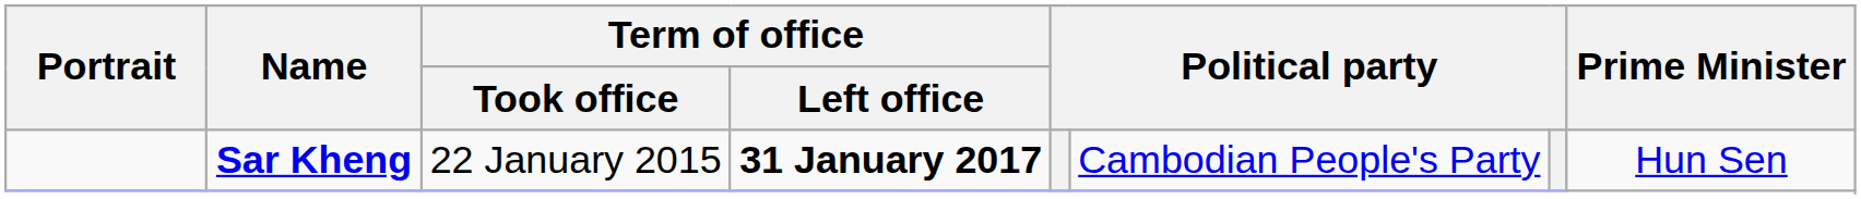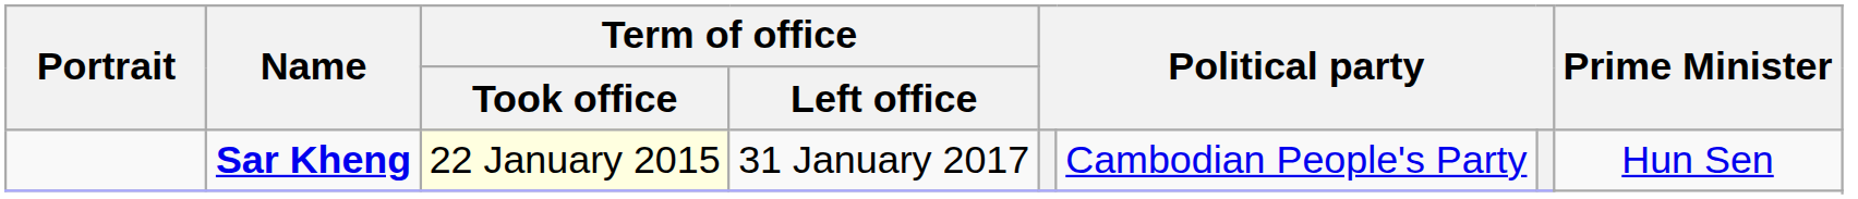 <table class="wikitable" style="text-align:center; border:1px #AAAAFF solid">
 <tr>
 <th width="75px" rowspan="2">Portrait</th>
 <th rowspan="2">Name</th>
 <th colspan="2">Term of office</th>
 <th rowspan="2" colspan="3">Political party</th>
 <th rowspan="2">Prime Minister</th>
 </tr>
 <tr>
 <th>Took office</th>
 <th>Left office</th>
 </tr>
 <tr>
 <td></td>
 <td><strong><a href='#'>Sar Kheng</a></strong></td>
-<td>22 January 2015</td>
-<td><strong>31 January 2017</strong></td>
+<td style="background: lightyellow;">22 January 2015</td>
+<td>31 January 2017</td>
 <th style="background: "></th>
 <td><a href='#'>Cambodian People's Party</a></td>
 <th style="background: "></th>
 <td rowspan="3"><a href='#'>Hun Sen</a></td>
 </tr>
 <tr>
 </tr>
 </table>
